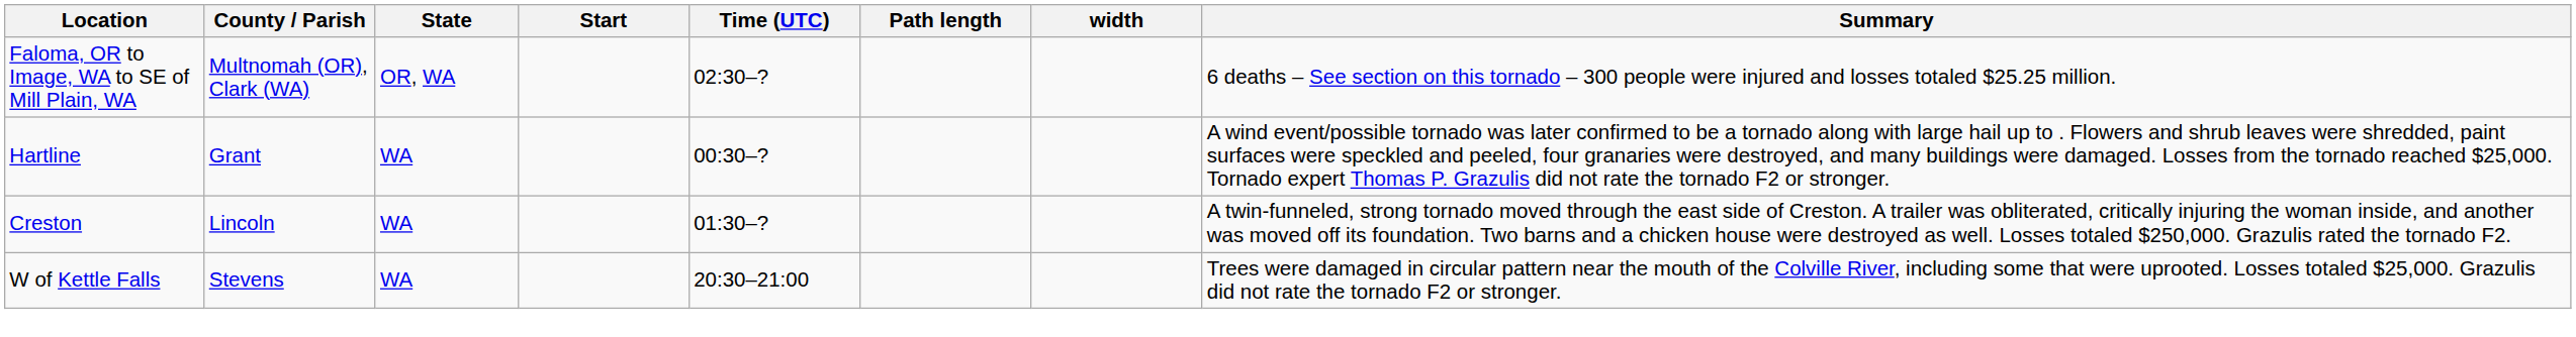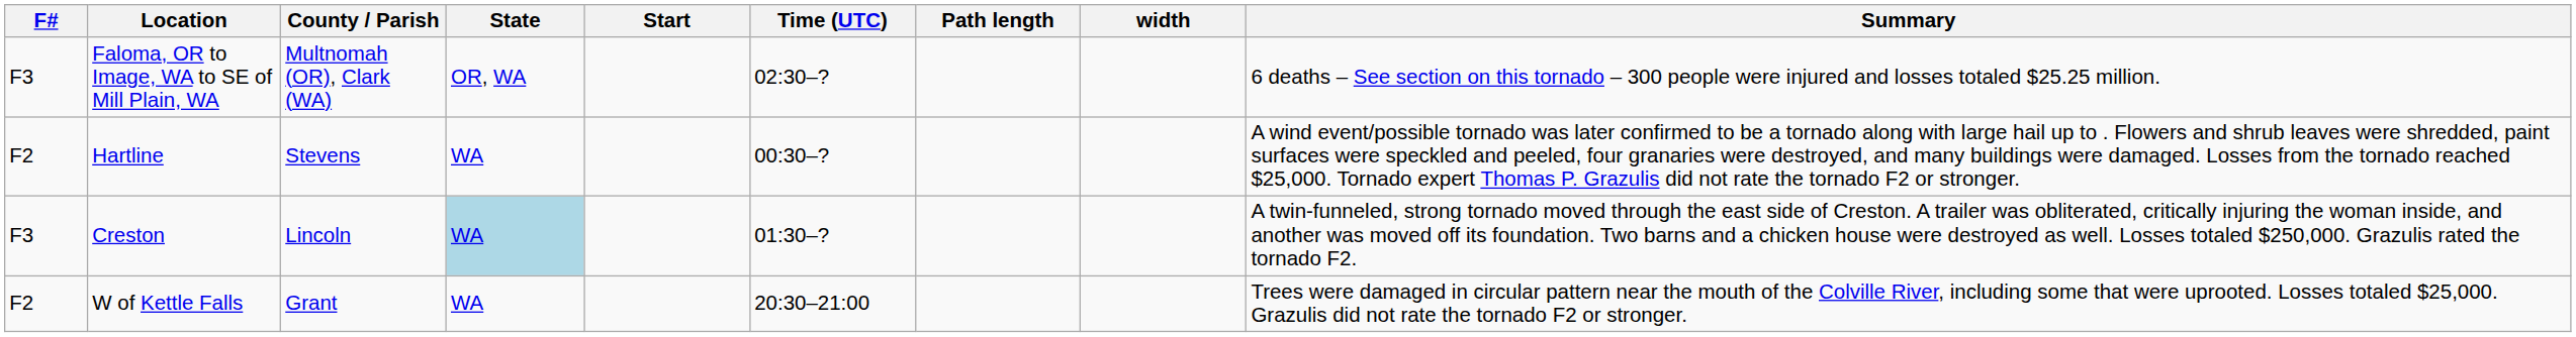 <table class="wikitable sortable" style="width:100%;">
 <tr>
+<th scope="col"  style="width:3%; text-align:center;"><a href='#'>F#</a></th>
 <th scope="col"  style="width:7%; text-align:center;" class="unsortable">Location</th>
 <th scope="col"  style="width:6%; text-align:center;" class="unsortable">County / Parish</th>
 <th scope="col"  style="width:5%; text-align:center;">State</th>
 <th scope="col"  style="width:6%; text-align:center;">Start<br></th>
 <th scope="col"  style="width:6%; text-align:center;">Time (<a href='#'>UTC</a>)</th>
 <th scope="col"  style="width:6%; text-align:center;">Path length</th>
 <th scope="col"  style="width:6%; text-align:center;"> width</th>
 <th scope="col" class="unsortable" style="width:48%; text-align:center;">Summary</th>
 </tr>
 <tr>
+<td>F3</td>
 <td><a href='#'>Faloma, OR</a> to <a href='#'>Image, WA</a> to SE of <a href='#'>Mill Plain, WA</a></td>
 <td><a href='#'>Multnomah (OR)</a>, <a href='#'>Clark (WA)</a></td>
 <td><a href='#'>OR</a>, <a href='#'>WA</a></td>
 <td></td>
 <td>02:30–?</td>
 <td></td>
 <td></td>
 <td>6 deaths – <a href='#'>See section on this tornado</a> – 300 people were injured and losses totaled $25.25 million.</td>
 </tr>
 <tr>
+<td>F2</td>
 <td><a href='#'>Hartline</a></td>
-<td><a href='#'>Grant</a></td>
+<td><a href='#'>Stevens</a></td>
 <td><a href='#'>WA</a></td>
 <td></td>
 <td>00:30–?</td>
 <td></td>
 <td></td>
 <td>A wind event/possible tornado was later confirmed to be a tornado along with large hail up to . Flowers and shrub leaves were shredded, paint surfaces were speckled and peeled, four granaries were destroyed, and many buildings were damaged. Losses from the tornado reached $25,000. Tornado expert <a href='#'>Thomas P. Grazulis</a> did not rate the tornado F2 or stronger.</td>
 </tr>
 <tr>
+<td>F3</td>
 <td><a href='#'>Creston</a></td>
 <td><a href='#'>Lincoln</a></td>
-<td><a href='#'>WA</a></td>
+<td style="background: lightblue;"><a href='#'>WA</a></td>
 <td></td>
 <td>01:30–?</td>
 <td></td>
 <td></td>
 <td>A twin-funneled, strong tornado moved through the east side of Creston. A trailer was obliterated, critically injuring the woman inside, and another was moved  off its foundation. Two barns and a chicken house were destroyed as well. Losses totaled $250,000. Grazulis rated the tornado F2.</td>
 </tr>
 <tr>
+<td>F2</td>
 <td>W of <a href='#'>Kettle Falls</a></td>
-<td><a href='#'>Stevens</a></td>
+<td><a href='#'>Grant</a></td>
 <td><a href='#'>WA</a></td>
 <td></td>
 <td>20:30–21:00</td>
 <td></td>
 <td></td>
 <td>Trees were damaged in circular pattern near the mouth of the <a href='#'>Colville River</a>, including some that were uprooted. Losses totaled $25,000. Grazulis did not rate the tornado F2 or stronger.</td>
 </tr>
 </table>
